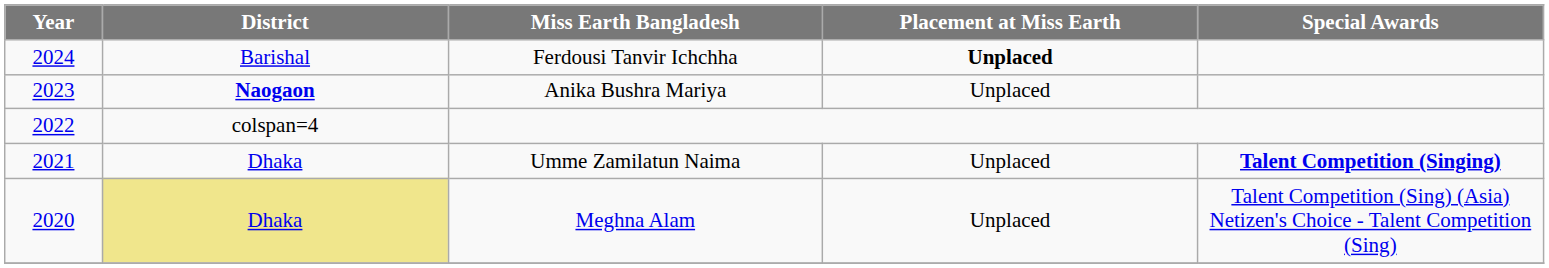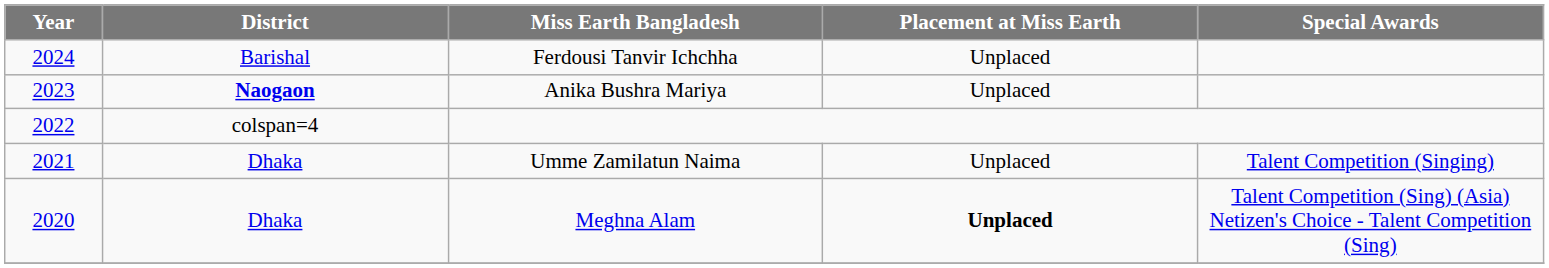 <table class="wikitable" style="font-size: 90%; text-align:center">
 <tr>
 <th style="background-color:#787878;color:#FFFFFF;" width="60">Year</th>
 <th style="background-color:#787878;color:#FFFFFF;" width="230">District</th>
 <th style="background-color:#787878;color:#FFFFFF;" width="250">Miss Earth Bangladesh</th>
 <th style="background-color:#787878;color:#FFFFFF;" width="250">Placement at Miss Earth</th>
 <th style="background-color:#787878;color:#FFFFFF;" width="230">Special Awards</th>
 </tr>
 <tr>
 <td><a href='#'>2024</a></td>
 <td><a href='#'>Barishal</a></td>
 <td>Ferdousi Tanvir Ichchha</td>
-<td><strong>Unplaced</strong></td>
+<td>Unplaced</td>
 <td></td>
 </tr>
 <tr>
 <td><a href='#'>2023</a></td>
 <td><strong><a href='#'>Naogaon</a></strong></td>
 <td>Anika Bushra Mariya</td>
 <td>Unplaced</td>
 <td></td>
 </tr>
 <tr>
 <td><a href='#'>2022</a></td>
 <td>colspan=4 </td>
 </tr>
 <tr>
 <td><a href='#'>2021</a></td>
 <td><a href='#'>Dhaka</a></td>
 <td>Umme Zamilatun Naima</td>
 <td>Unplaced</td>
-<td><strong> <a href='#'>Talent Competition (Singing)</a></strong></td>
+<td> <a href='#'>Talent Competition (Singing)</a></td>
 </tr>
 <tr>
 <td><a href='#'>2020</a></td>
-<td style="background: khaki;"><a href='#'>Dhaka</a></td>
+<td><a href='#'>Dhaka</a></td>
 <td><a href='#'>Meghna Alam</a></td>
-<td>Unplaced</td>
+<td><strong>Unplaced</strong></td>
 <td> <a href='#'>Talent Competition (Sing) (Asia)</a><br><a href='#'>Netizen's Choice - Talent Competition (Sing)</a></td>
 </tr>
 <tr>
 </tr>
 </table>
